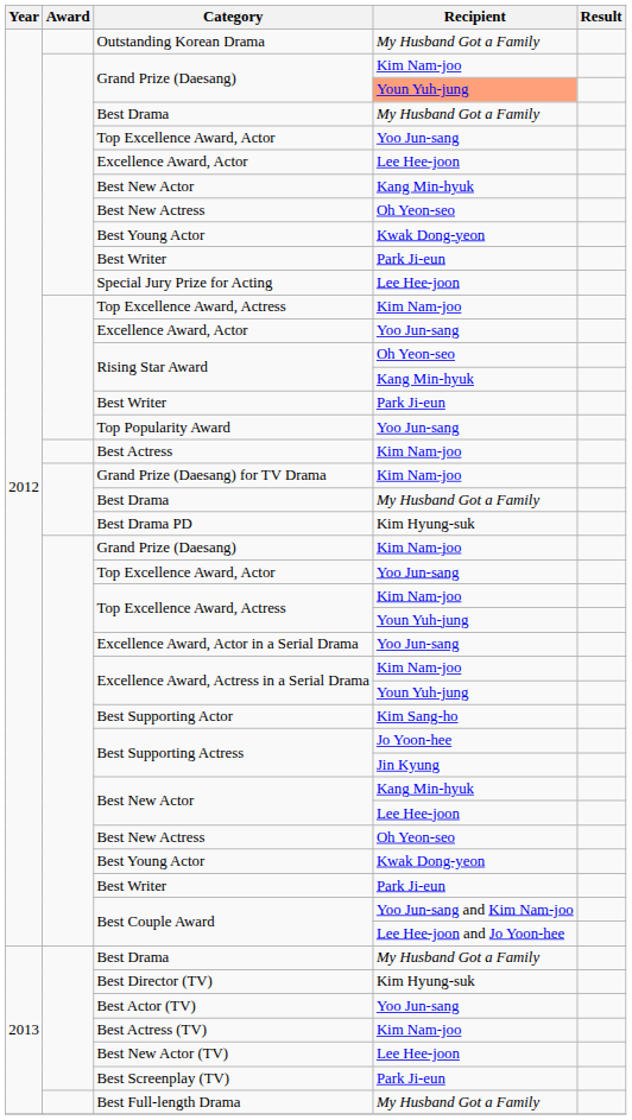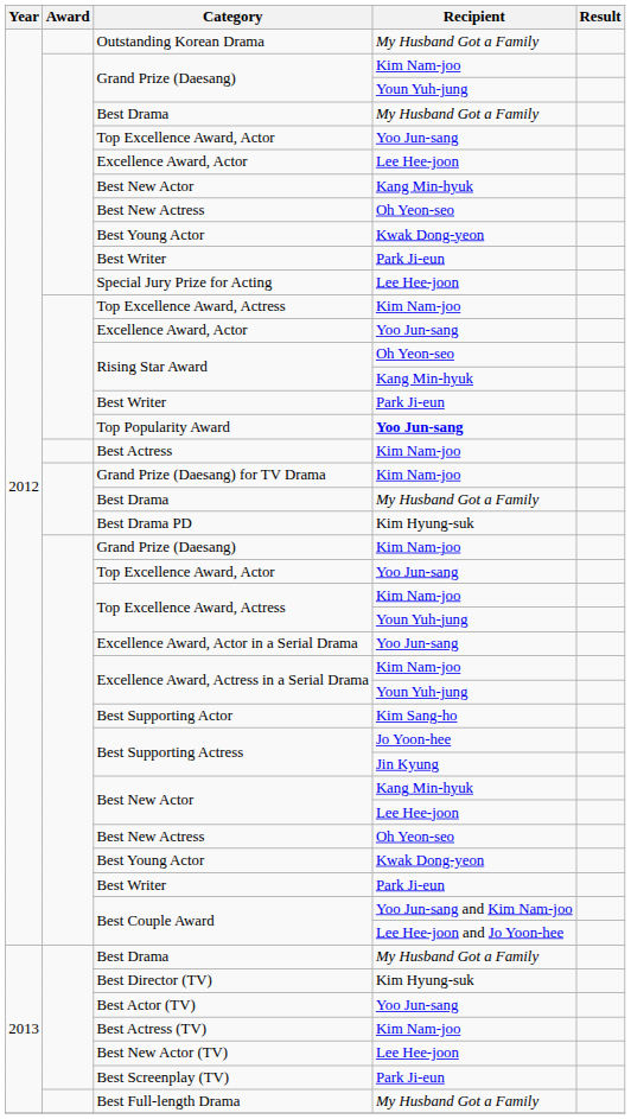 <table class="wikitable">
 <tr>
 <th>Year</th>
 <th>Award</th>
 <th>Category</th>
 <th>Recipient</th>
 <th>Result</th>
 </tr>
 <tr>
 <td rowspan=38>2012</td>
 <td></td>
 <td>Outstanding Korean Drama</td>
 <td><em>My Husband Got a Family</em></td>
 <td></td>
 </tr>
 <tr>
 <td rowspan=10></td>
 <td rowspan=2>Grand Prize (Daesang)</td>
 <td><a href='#'>Kim Nam-joo</a></td>
 <td></td>
 </tr>
 <tr>
-<td style="background: lightsalmon;"><a href='#'>Youn Yuh-jung</a></td>
+<td><a href='#'>Youn Yuh-jung</a></td>
 <td></td>
 </tr>
 <tr>
 <td>Best Drama </td>
 <td><em>My Husband Got a Family</em></td>
 <td></td>
 </tr>
 <tr>
 <td>Top Excellence Award, Actor</td>
 <td><a href='#'>Yoo Jun-sang</a></td>
 <td></td>
 </tr>
 <tr>
 <td>Excellence Award, Actor</td>
 <td><a href='#'>Lee Hee-joon</a></td>
 <td></td>
 </tr>
 <tr>
 <td>Best New Actor</td>
 <td><a href='#'>Kang Min-hyuk</a></td>
 <td></td>
 </tr>
 <tr>
 <td>Best New Actress</td>
 <td><a href='#'>Oh Yeon-seo</a></td>
 <td></td>
 </tr>
 <tr>
 <td>Best Young Actor</td>
 <td><a href='#'>Kwak Dong-yeon</a></td>
 <td></td>
 </tr>
 <tr>
 <td>Best Writer</td>
 <td><a href='#'>Park Ji-eun</a></td>
 <td></td>
 </tr>
 <tr>
 <td>Special Jury Prize for Acting</td>
 <td><a href='#'>Lee Hee-joon</a></td>
 <td></td>
 </tr>
 <tr>
 <td rowspan=6></td>
 <td>Top Excellence Award, Actress</td>
 <td><a href='#'>Kim Nam-joo</a></td>
 <td></td>
 </tr>
 <tr>
 <td>Excellence Award, Actor</td>
 <td><a href='#'>Yoo Jun-sang</a></td>
 <td></td>
 </tr>
 <tr>
 <td rowspan=2>Rising Star Award</td>
 <td><a href='#'>Oh Yeon-seo</a></td>
 <td></td>
 </tr>
 <tr>
 <td><a href='#'>Kang Min-hyuk</a></td>
 <td></td>
 </tr>
 <tr>
 <td>Best Writer</td>
 <td><a href='#'>Park Ji-eun</a></td>
 <td></td>
 </tr>
 <tr>
 <td>Top Popularity Award</td>
-<td><a href='#'>Yoo Jun-sang</a></td>
+<td><strong><a href='#'>Yoo Jun-sang</a></strong></td>
 <td></td>
 </tr>
 <tr>
 <td></td>
 <td>Best Actress</td>
 <td><a href='#'>Kim Nam-joo</a></td>
 <td></td>
 </tr>
 <tr>
 <td rowspan=3></td>
 <td>Grand Prize (Daesang) for TV Drama</td>
 <td><a href='#'>Kim Nam-joo</a></td>
 <td></td>
 </tr>
 <tr>
 <td>Best Drama</td>
 <td><em>My Husband Got a Family</em></td>
 <td></td>
 </tr>
 <tr>
 <td>Best Drama PD </td>
 <td>Kim Hyung-suk</td>
 <td></td>
 </tr>
 <tr>
 <td rowspan=17></td>
 <td>Grand Prize (Daesang)</td>
 <td><a href='#'>Kim Nam-joo</a></td>
 <td></td>
 </tr>
 <tr>
 <td>Top Excellence Award, Actor</td>
 <td><a href='#'>Yoo Jun-sang</a></td>
 <td></td>
 </tr>
 <tr>
 <td rowspan=2>Top Excellence Award, Actress</td>
 <td><a href='#'>Kim Nam-joo</a></td>
 <td></td>
 </tr>
 <tr>
 <td><a href='#'>Youn Yuh-jung</a></td>
 <td></td>
 </tr>
 <tr>
 <td>Excellence Award, Actor in a Serial Drama</td>
 <td><a href='#'>Yoo Jun-sang</a></td>
 <td></td>
 </tr>
 <tr>
 <td rowspan=2>Excellence Award, Actress in a Serial Drama</td>
 <td><a href='#'>Kim Nam-joo</a></td>
 <td></td>
 </tr>
 <tr>
 <td><a href='#'>Youn Yuh-jung</a></td>
 <td></td>
 </tr>
 <tr>
 <td>Best Supporting Actor</td>
 <td><a href='#'>Kim Sang-ho</a></td>
 <td></td>
 </tr>
 <tr>
 <td rowspan=2>Best Supporting Actress</td>
 <td><a href='#'>Jo Yoon-hee</a></td>
 <td></td>
 </tr>
 <tr>
 <td><a href='#'>Jin Kyung</a></td>
 <td></td>
 </tr>
 <tr>
 <td rowspan=2>Best New Actor</td>
 <td><a href='#'>Kang Min-hyuk</a></td>
 <td></td>
 </tr>
 <tr>
 <td><a href='#'>Lee Hee-joon</a></td>
 <td></td>
 </tr>
 <tr>
 <td>Best New Actress</td>
 <td><a href='#'>Oh Yeon-seo</a></td>
 <td></td>
 </tr>
 <tr>
 <td>Best Young Actor</td>
 <td><a href='#'>Kwak Dong-yeon</a></td>
 <td></td>
 </tr>
 <tr>
 <td>Best Writer</td>
 <td><a href='#'>Park Ji-eun</a></td>
 <td></td>
 </tr>
 <tr>
 <td rowspan=2>Best Couple Award</td>
 <td><a href='#'>Yoo Jun-sang</a> and <a href='#'>Kim Nam-joo</a></td>
 <td></td>
 </tr>
 <tr>
 <td><a href='#'>Lee Hee-joon</a> and <a href='#'>Jo Yoon-hee</a></td>
 <td></td>
 </tr>
 <tr>
 <td rowspan=7>2013</td>
 <td rowspan=6></td>
 <td>Best Drama</td>
 <td><em>My Husband Got a Family</em></td>
 <td></td>
 </tr>
 <tr>
 <td>Best Director (TV)</td>
 <td>Kim Hyung-suk</td>
 <td></td>
 </tr>
 <tr>
 <td>Best Actor (TV)</td>
 <td><a href='#'>Yoo Jun-sang</a></td>
 <td></td>
 </tr>
 <tr>
 <td>Best Actress (TV)</td>
 <td><a href='#'>Kim Nam-joo</a></td>
 <td></td>
 </tr>
 <tr>
 <td>Best New Actor (TV)</td>
 <td><a href='#'>Lee Hee-joon</a></td>
 <td></td>
 </tr>
 <tr>
 <td>Best Screenplay (TV)</td>
 <td><a href='#'>Park Ji-eun</a></td>
 <td></td>
 </tr>
 <tr>
 <td></td>
 <td>Best Full-length Drama</td>
 <td><em>My Husband Got a Family</em></td>
 <td></td>
 </tr>
 <tr>
 </tr>
 </table>
